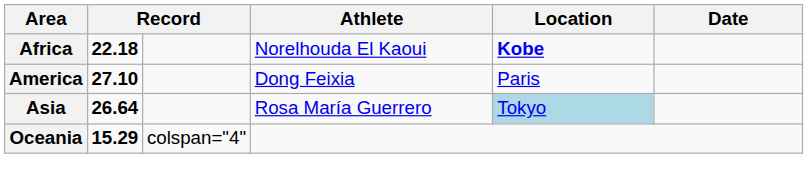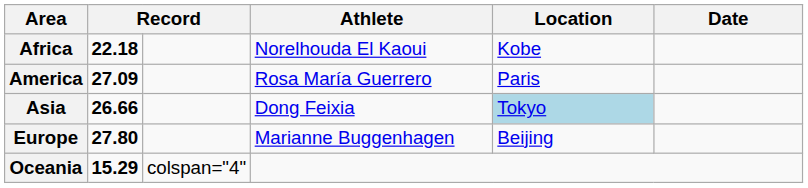 <table class="wikitable">
 <tr>
 <th width="45">Area</th>
 <th width="80" colspan="2">Record</th>
 <th width="200">Athlete</th>
 <th width="130">Location</th>
 <th width="120">Date</th>
 </tr>
 <tr>
 <th>Africa</th>
 <td align="center"><strong>22.18</strong></td>
 <td align="center"></td>
 <td> <a href='#'>Norelhouda El Kaoui</a></td>
-<td><strong> <a href='#'>Kobe</a></strong></td>
+<td> <a href='#'>Kobe</a></td>
 <td align="right"></td>
 </tr>
 <tr>
 <th>America</th>
-<td align="center"><strong>27.10</strong></td>
+<td align="center"><strong>27.09</strong></td>
 <td align="center"></td>
-<td> <a href='#'>Dong Feixia</a></td>
+<td> <a href='#'>Rosa María Guerrero</a></td>
 <td> <a href='#'>Paris</a></td>
 <td align="right"></td>
 </tr>
 <tr>
 <th>Asia</th>
-<td align="center"><strong>26.64</strong></td>
+<td align="center"><strong>26.66</strong></td>
 <td align="center"></td>
-<td> <a href='#'>Rosa María Guerrero</a></td>
+<td> <a href='#'>Dong Feixia</a></td>
 <td style="background: lightblue;"> <a href='#'>Tokyo</a></td>
+<td align="right"></td>
+</tr>
+<tr>
+<th>Europe</th>
+<td align="center"><strong>27.80</strong></td>
+<td align="center"><strong></strong></td>
+<td> <a href='#'>Marianne Buggenhagen</a></td>
+<td> <a href='#'>Beijing</a></td>
 <td align="right"></td>
 </tr>
 <tr>
 <th>Oceania</th>
 <td align="center"><strong>15.29</strong></td>
 <td>colspan="4" </td>
 </tr>
 </table>
